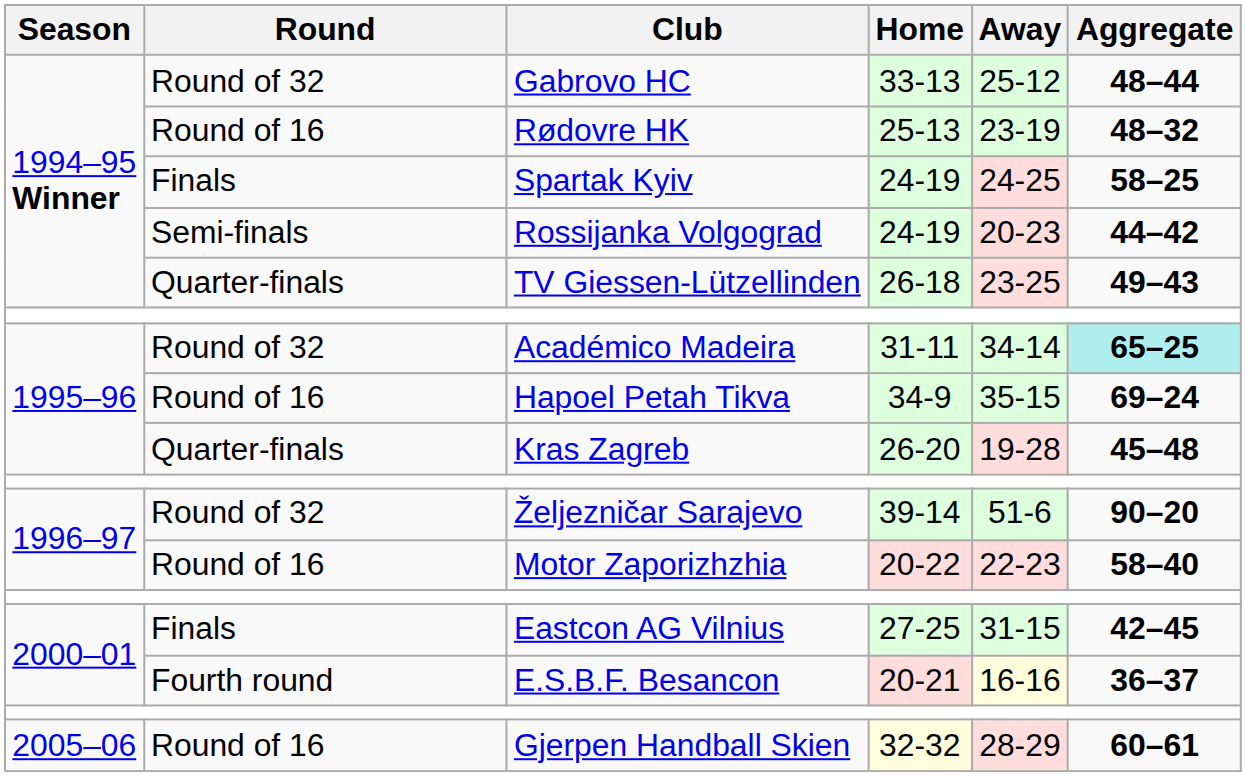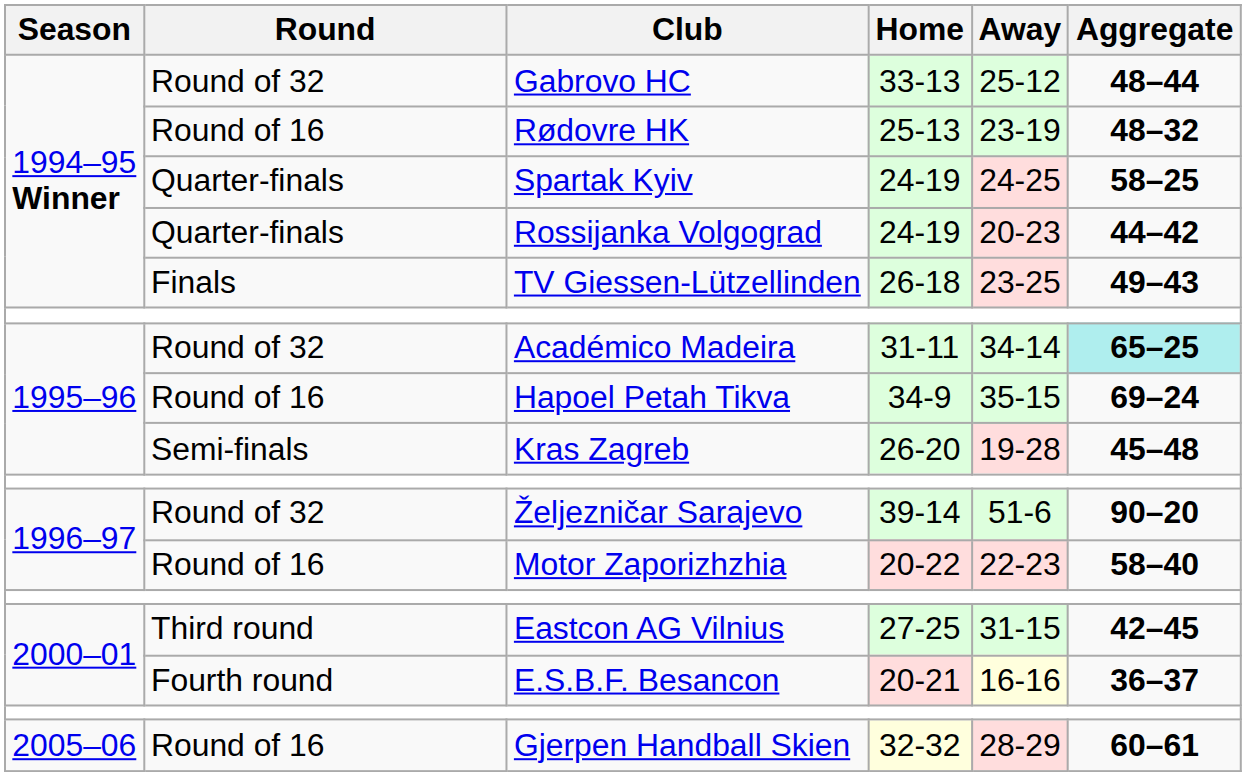 <table class="wikitable">
 <tr>
 <th>Season</th>
 <th width=175>Round</th>
 <th>Club</th>
 <th>Home</th>
 <th>Away</th>
 <th>Aggregate</th>
 </tr>
 <tr>
 <td rowspan=5><a href='#'>1994–95</a><br> <strong>Winner</strong></td>
 <td>Round of 32</td>
 <td> <a href='#'>Gabrovo HC</a></td>
 <td style="text-align:center; background:#dfd;">33-13</td>
 <td style="text-align:center; background:#dfd;">25-12</td>
 <td style="text-align:center;"><strong>48–44</strong></td>
 </tr>
 <tr>
 <td>Round of 16</td>
 <td> <a href='#'>Rødovre HK</a></td>
 <td style="text-align:center; background:#dfd;">25-13</td>
 <td style="text-align:center; background:#dfd;">23-19</td>
 <td style="text-align:center;"><strong>48–32</strong></td>
 </tr>
 <tr>
-<td>Finals</td>
+<td>Quarter-finals</td>
 <td> <a href='#'>Spartak Kyiv</a></td>
 <td style="text-align:center; background:#dfd;">24-19</td>
 <td style="text-align:center; background:#fdd;">24-25</td>
 <td style="text-align:center;"><strong>58–25</strong></td>
 </tr>
 <tr>
-<td>Semi-finals</td>
+<td>Quarter-finals</td>
 <td> <a href='#'>Rossijanka Volgograd</a></td>
 <td style="text-align:center; background:#dfd;">24-19</td>
 <td style="text-align:center; background:#fdd;">20-23</td>
 <td style="text-align:center;"><strong>44–42</strong></td>
 </tr>
 <tr>
-<td>Quarter-finals</td>
+<td>Finals</td>
 <td> <a href='#'>TV Giessen-Lützellinden</a></td>
 <td style="text-align:center; background:#dfd;">26-18</td>
 <td style="text-align:center; background:#fdd;">23-25</td>
 <td style="text-align:center;"><strong>49–43</strong></td>
 </tr>
 <tr>
 <td colspan=7 style="text-align: center;" bgcolor=white></td>
 </tr>
 <tr>
 <td rowspan=3><a href='#'>1995–96</a></td>
 <td>Round of 32</td>
 <td> <a href='#'>Académico Madeira</a></td>
 <td style="text-align:center; background:#dfd;">31-11</td>
 <td style="text-align:center; background:#dfd;">34-14</td>
 <td style="background: paleturquoise; text-align:center;"><strong>65–25</strong></td>
 </tr>
 <tr>
 <td>Round of 16</td>
 <td> <a href='#'>Hapoel Petah Tikva</a></td>
 <td style="text-align:center; background:#dfd;">34-9</td>
 <td style="text-align:center; background:#dfd;">35-15</td>
 <td style="text-align:center;"><strong>69–24</strong></td>
 </tr>
 <tr>
-<td>Quarter-finals</td>
+<td>Semi-finals</td>
 <td> <a href='#'>Kras Zagreb</a></td>
 <td style="text-align:center; background:#dfd;">26-20</td>
 <td style="text-align:center; background:#fdd;">19-28</td>
 <td style="text-align:center;"><strong>45–48</strong></td>
 </tr>
 <tr>
 <td colspan=7 style="text-align: center;" bgcolor=white></td>
 </tr>
 <tr>
 <td rowspan=2><a href='#'>1996–97</a></td>
 <td>Round of 32</td>
 <td> <a href='#'>Željezničar Sarajevo</a></td>
 <td style="text-align:center; background:#dfd;">39-14</td>
 <td style="text-align:center; background:#dfd;">51-6</td>
 <td style="text-align:center;"><strong>90–20</strong></td>
 </tr>
 <tr>
 <td>Round of 16</td>
 <td> <a href='#'>Motor Zaporizhzhia</a></td>
 <td style="text-align:center; background:#fdd;">20-22</td>
 <td style="text-align:center; background:#fdd;">22-23</td>
 <td style="text-align:center;"><strong>58–40</strong></td>
 </tr>
 <tr>
 <td colspan=7 style="text-align: center;" bgcolor=white></td>
 </tr>
 <tr>
 <td rowspan=2><a href='#'>2000–01</a></td>
-<td>Finals</td>
+<td>Third round</td>
 <td> <a href='#'>Eastcon AG Vilnius</a></td>
 <td style="text-align:center; background:#dfd;">27-25</td>
 <td style="text-align:center; background:#dfd;">31-15</td>
 <td style="text-align:center;"><strong>42–45</strong></td>
 </tr>
 <tr>
 <td>Fourth round</td>
 <td> <a href='#'>E.S.B.F. Besancon</a></td>
 <td style="text-align:center; background:#fdd;">20-21</td>
 <td style="text-align:center; background:#ffd;">16-16</td>
 <td style="text-align:center;"><strong>36–37</strong></td>
 </tr>
 <tr>
 <td colspan=7 style="text-align: center;" bgcolor=white></td>
 </tr>
 <tr>
 <td rowspan=1><a href='#'>2005–06</a></td>
 <td>Round of 16</td>
 <td> <a href='#'>Gjerpen Handball Skien</a></td>
 <td style="text-align:center; background:#ffd;">32-32</td>
 <td style="text-align:center; background:#fdd;">28-29</td>
 <td style="text-align:center;"><strong>60–61</strong></td>
 </tr>
 </table>
